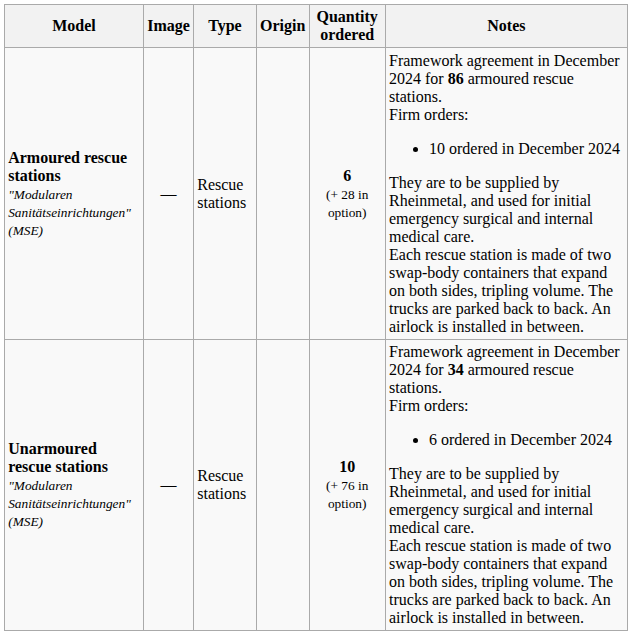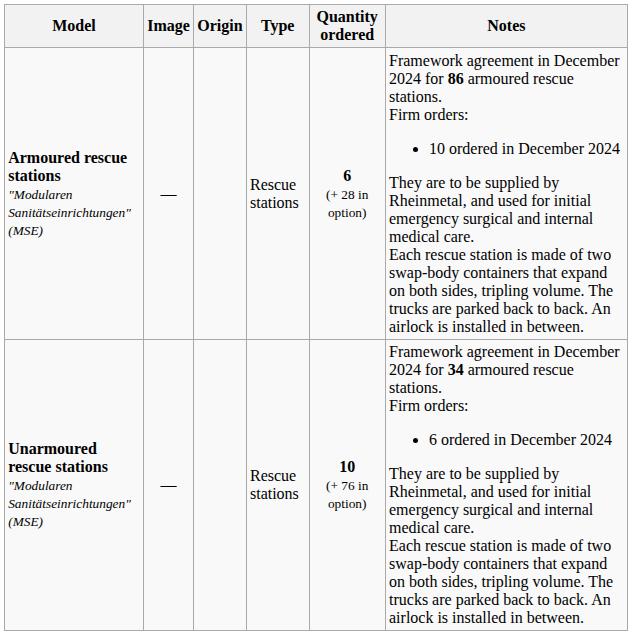 <table class="wikitable" style="width:100%;">
 <tr>
 <th>Model</th>
 <th>Image</th>
+<th>Origin</th>
 <th>Type</th>
-<th>Origin</th>
 <th>Quantity ordered</th>
 <th>Notes</th>
 </tr>
 <tr>
 <td><strong>Armoured rescue stations</strong><br><em><small>"Modularen Sanitätseinrichtungen"</small></em><br><small><em>(MSE)</em></small></td>
 <td style="text-align: center">—</td>
+<td><small></small></td>
 <td>Rescue stations</td>
-<td><small></small></td>
 <td style="text-align: center;"><strong>6</strong><br><small>(+ 28 in option)</small></td>
 <td>Framework agreement in December 2024 for <strong>86</strong> armoured rescue stations.<br>Firm orders:<ul><li>10 ordered in December 2024</li></ul>They are to be supplied by Rheinmetal, and used for initial emergency surgical and internal medical care.<br>Each rescue station is made of two swap-body containers that expand on both sides, tripling volume. The trucks are parked back to back. An airlock is installed in between.</td>
 </tr>
 <tr>
 <td><strong>Unarmoured rescue stations</strong><br><em><small>"Modularen Sanitätseinrichtungen"</small></em><br><small><em>(MSE)</em></small></td>
 <td style="text-align: center;">—</td>
+<td><small></small></td>
 <td>Rescue stations</td>
-<td><small></small></td>
 <td style="text-align: center"><strong>10</strong><br><small>(+ 76 in option)</small></td>
 <td>Framework agreement in December 2024 for <strong>34</strong> armoured rescue stations.<br>Firm orders:<ul><li>6 ordered in December 2024</li></ul>They are to be supplied by Rheinmetal, and used for initial emergency surgical and internal medical care.<br>Each rescue station is made of two swap-body containers that expand on both sides, tripling volume. The trucks are parked back to back. An airlock is installed in between.</td>
 </tr>
 </table>
